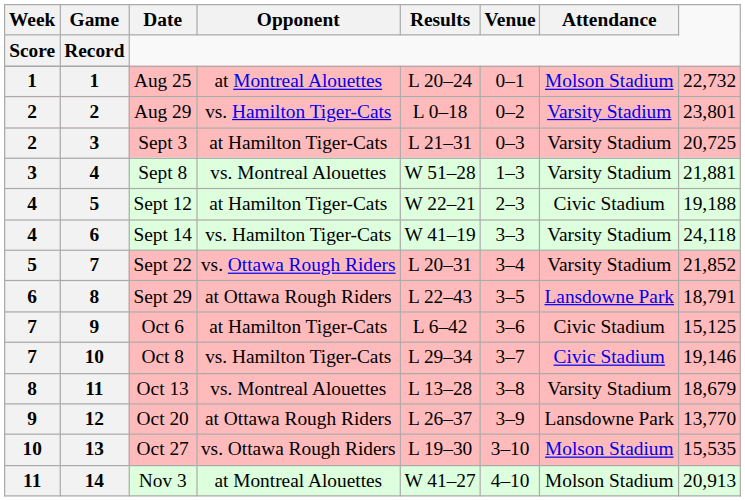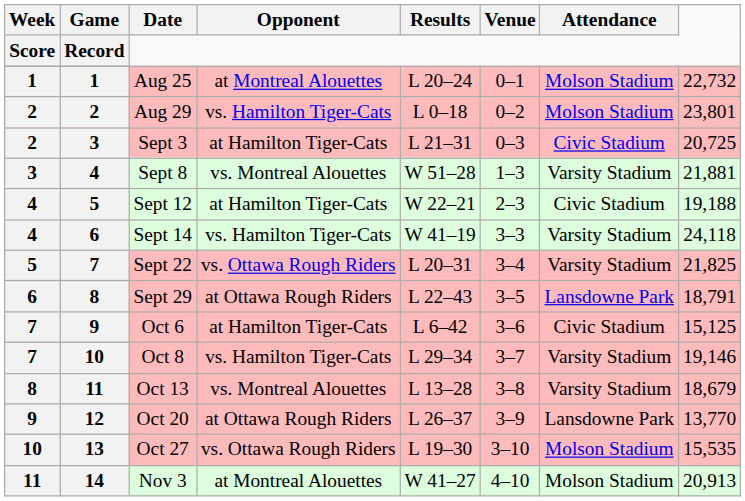 <table class="wikitable" style="text-align:center">
 <tr>
 <th>Week</th>
 <th>Game</th>
 <th>Date</th>
 <th>Opponent</th>
 <th>Results</th>
 <th>Venue</th>
 <th>Attendance</th>
 </tr>
 <tr>
 <th>Score</th>
 <th>Record</th>
 </tr>
 <tr style="background:#ddffdd">
 </tr>
 <tr style="background:#ffbbbb">
 <th>1</th>
 <th>1</th>
 <td>Aug 25</td>
 <td>at <a href='#'>Montreal Alouettes</a></td>
 <td>L 20–24</td>
 <td>0–1</td>
 <td><a href='#'>Molson Stadium</a></td>
 <td>22,732</td>
 </tr>
 <tr style="background:#ffbbbb">
 <th>2</th>
 <th>2</th>
 <td>Aug 29</td>
 <td>vs. <a href='#'>Hamilton Tiger-Cats</a></td>
 <td>L 0–18</td>
 <td>0–2</td>
-<td><a href='#'>Varsity Stadium</a></td>
+<td><a href='#'>Molson Stadium</a></td>
 <td>23,801</td>
 </tr>
 <tr style="background:#ffbbbb">
 <th>2</th>
 <th>3</th>
 <td>Sept 3</td>
 <td>at Hamilton Tiger-Cats</td>
 <td>L 21–31</td>
 <td>0–3</td>
-<td>Varsity Stadium</td>
+<td><a href='#'>Civic Stadium</a></td>
 <td>20,725</td>
 </tr>
 <tr style="background:#ddffdd">
 <th>3</th>
 <th>4</th>
 <td>Sept 8</td>
 <td>vs. Montreal Alouettes</td>
 <td>W 51–28</td>
 <td>1–3</td>
 <td>Varsity Stadium</td>
 <td>21,881</td>
 </tr>
 <tr style="background:#ddffdd">
 <th>4</th>
 <th>5</th>
 <td>Sept 12</td>
 <td>at Hamilton Tiger-Cats</td>
 <td>W 22–21</td>
 <td>2–3</td>
 <td>Civic Stadium</td>
 <td>19,188</td>
 </tr>
 <tr style="background:#ddffdd">
 <th>4</th>
 <th>6</th>
 <td>Sept 14</td>
 <td>vs. Hamilton Tiger-Cats</td>
 <td>W 41–19</td>
 <td>3–3</td>
 <td>Varsity Stadium</td>
 <td>24,118</td>
 </tr>
 <tr style="background:#ffbbbb">
 <th>5</th>
 <th>7</th>
 <td>Sept 22</td>
 <td>vs. <a href='#'>Ottawa Rough Riders</a></td>
 <td>L 20–31</td>
 <td>3–4</td>
 <td>Varsity Stadium</td>
-<td>21,852</td>
+<td>21,825</td>
 </tr>
 <tr style="background:#ffbbbb">
 <th>6</th>
 <th>8</th>
 <td>Sept 29</td>
 <td>at Ottawa Rough Riders</td>
 <td>L 22–43</td>
 <td>3–5</td>
 <td><a href='#'>Lansdowne Park</a></td>
 <td>18,791</td>
 </tr>
 <tr style="background:#ffbbbb">
 <th>7</th>
 <th>9</th>
 <td>Oct 6</td>
 <td>at Hamilton Tiger-Cats</td>
 <td>L 6–42</td>
 <td>3–6</td>
 <td>Civic Stadium</td>
 <td>15,125</td>
 </tr>
 <tr style="background:#ffbbbb">
 <th>7</th>
 <th>10</th>
 <td>Oct 8</td>
 <td>vs. Hamilton Tiger-Cats</td>
 <td>L 29–34</td>
 <td>3–7</td>
-<td><a href='#'>Civic Stadium</a></td>
+<td>Varsity Stadium</td>
 <td>19,146</td>
 </tr>
 <tr style="background:#ffbbbb">
 <th>8</th>
 <th>11</th>
 <td>Oct 13</td>
 <td>vs. Montreal Alouettes</td>
 <td>L 13–28</td>
 <td>3–8</td>
 <td>Varsity Stadium</td>
 <td>18,679</td>
 </tr>
 <tr style="background:#ffbbbb">
 <th>9</th>
 <th>12</th>
 <td>Oct 20</td>
 <td>at Ottawa Rough Riders</td>
 <td>L 26–37</td>
 <td>3–9</td>
 <td>Lansdowne Park</td>
 <td>13,770</td>
 </tr>
 <tr style="background:#ffbbbb">
 <th>10</th>
 <th>13</th>
 <td>Oct 27</td>
 <td>vs. Ottawa Rough Riders</td>
 <td>L 19–30</td>
 <td>3–10</td>
 <td><a href='#'>Molson Stadium</a></td>
 <td>15,535</td>
 </tr>
 <tr style="background:#ddffdd">
 <th>11</th>
 <th>14</th>
 <td>Nov 3</td>
 <td>at Montreal Alouettes</td>
 <td>W 41–27</td>
 <td>4–10</td>
 <td>Molson Stadium</td>
 <td>20,913</td>
 </tr>
 </table>
